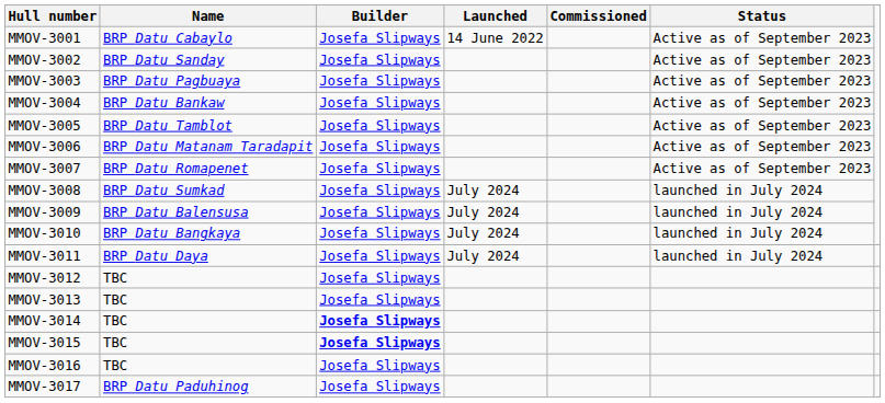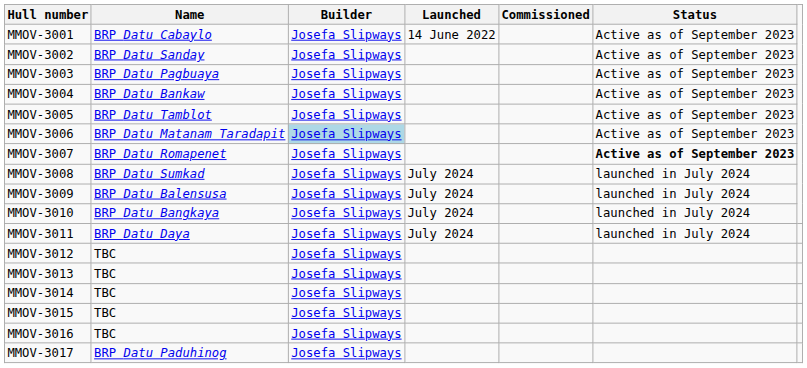 <table class="wikitable">
 <tr>
 <th>Hull number</th>
 <th>Name</th>
 <th>Builder</th>
 <th>Launched</th>
 <th>Commissioned</th>
 <th>Status</th>
 </tr>
 <tr>
 <td>MMOV-3001</td>
 <td><a href='#'>BRP <em>Datu Cabaylo</em></a></td>
 <td><a href='#'>Josefa Slipways</a></td>
 <td>14 June 2022</td>
 <td></td>
 <td>Active as of September 2023</td>
 </tr>
 <tr>
 <td>MMOV-3002</td>
 <td><a href='#'>BRP <em>Datu Sanday</em></a></td>
 <td><a href='#'>Josefa Slipways</a></td>
 <td></td>
 <td></td>
 <td>Active as of September 2023</td>
 </tr>
 <tr>
 <td>MMOV-3003</td>
 <td><a href='#'>BRP <em>Datu Pagbuaya</em></a></td>
 <td><a href='#'>Josefa Slipways</a></td>
 <td></td>
 <td></td>
 <td>Active as of September 2023</td>
 </tr>
 <tr>
 <td>MMOV-3004</td>
 <td><a href='#'>BRP <em>Datu Bankaw</em></a></td>
 <td><a href='#'>Josefa Slipways</a></td>
 <td></td>
 <td></td>
 <td>Active as of September 2023</td>
 </tr>
 <tr>
 <td>MMOV-3005</td>
 <td><a href='#'>BRP <em>Datu Tamblot</em></a></td>
 <td><a href='#'>Josefa Slipways</a></td>
 <td></td>
 <td></td>
 <td>Active as of September 2023</td>
 </tr>
 <tr>
 <td>MMOV-3006</td>
 <td><a href='#'>BRP <em>Datu Matanam Taradapit</em></a></td>
-<td><a href='#'>Josefa Slipways</a></td>
+<td style="background: lightblue;"><a href='#'>Josefa Slipways</a></td>
 <td></td>
 <td></td>
 <td>Active as of September 2023</td>
 </tr>
 <tr>
 <td>MMOV-3007</td>
 <td><a href='#'>BRP <em>Datu Romapenet</em></a></td>
 <td><a href='#'>Josefa Slipways</a></td>
 <td></td>
 <td></td>
-<td>Active as of September 2023 </td>
+<td><strong>Active as of September 2023 </strong></td>
 </tr>
 <tr>
 <td>MMOV-3008</td>
 <td><a href='#'>BRP <em>Datu Sumkad</em></a></td>
 <td><a href='#'>Josefa Slipways</a></td>
 <td>July 2024</td>
 <td></td>
 <td>launched in July 2024</td>
 </tr>
 <tr>
 <td>MMOV-3009</td>
 <td><a href='#'>BRP <em>Datu Balensusa</em></a></td>
 <td><a href='#'>Josefa Slipways</a></td>
 <td>July 2024</td>
 <td></td>
 <td>launched in July 2024</td>
 </tr>
 <tr>
 <td>MMOV-3010</td>
 <td><a href='#'>BRP <em>Datu Bangkaya</em></a></td>
 <td><a href='#'>Josefa Slipways</a></td>
 <td>July 2024</td>
 <td></td>
 <td>launched in July 2024</td>
 </tr>
 <tr>
 <td>MMOV-3011</td>
 <td><a href='#'>BRP <em>Datu Daya</em></a></td>
 <td><a href='#'>Josefa Slipways</a></td>
 <td>July 2024</td>
 <td></td>
 <td>launched in July 2024</td>
 <td></td>
 </tr>
 <tr>
 <td>MMOV-3012</td>
 <td>TBC</td>
 <td><a href='#'>Josefa Slipways</a></td>
 <td></td>
 <td></td>
 <td></td>
 <td></td>
 </tr>
 <tr>
 <td>MMOV-3013</td>
 <td>TBC</td>
 <td><a href='#'>Josefa Slipways</a></td>
 <td></td>
 <td></td>
 <td></td>
 <td></td>
 </tr>
 <tr>
 <td>MMOV-3014</td>
 <td>TBC</td>
-<td><strong><a href='#'>Josefa Slipways</a></strong></td>
+<td><a href='#'>Josefa Slipways</a></td>
 <td></td>
 <td></td>
 <td></td>
 <td></td>
 </tr>
 <tr>
 <td>MMOV-3015</td>
 <td>TBC</td>
-<td><strong><a href='#'>Josefa Slipways</a></strong></td>
+<td><a href='#'>Josefa Slipways</a></td>
 <td></td>
 <td></td>
 <td></td>
 <td></td>
 </tr>
 <tr>
 <td>MMOV-3016</td>
 <td>TBC</td>
 <td><a href='#'>Josefa Slipways</a></td>
 <td></td>
 <td></td>
 <td></td>
 <td></td>
 </tr>
 <tr>
 <td>MMOV-3017</td>
 <td><a href='#'>BRP <em>Datu Paduhinog</em></a></td>
 <td><a href='#'>Josefa Slipways</a></td>
 <td></td>
 <td></td>
 <td></td>
 <td></td>
 </tr>
 </table>
